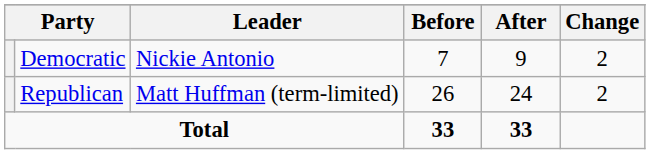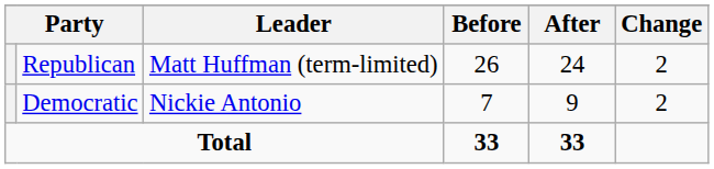 <table class="wikitable" style="text-align:center;">
 <tr>
 </tr>
 <tr>
 <th colspan="2">Party</th>
 <th>Leader</th>
 <th style="width:3em">Before</th>
 <th style="width:3em">After</th>
 <th style="width:3em">Change</th>
 </tr>
 <tr>
 <th style="background-color:"></th>
+<td style="text-align:left;"><a href='#'>Republican</a></td>
+<td style="text-align:left;"><a href='#'>Matt Huffman</a> (term-limited)</td>
+<td>26</td>
+<td>24</td>
+<td> 2</td>
+</tr>
+<tr>
+<th style="background-color:"></th>
 <td style="text-align:left;"><a href='#'>Democratic</a></td>
 <td style="text-align:left;"><a href='#'>Nickie Antonio</a></td>
 <td>7</td>
 <td>9</td>
-<td> 2</td>
-</tr>
-<tr>
-<th style="background-color:"></th>
-<td style="text-align:left;"><a href='#'>Republican</a></td>
-<td style="text-align:left;"><a href='#'>Matt Huffman</a> (term-limited)</td>
-<td>26</td>
-<td>24</td>
 <td> 2</td>
 </tr>
 <tr>
 <td colspan="3"><strong>Total</strong></td>
 <td><strong>33</strong></td>
 <td><strong>33</strong></td>
 <td></td>
 </tr>
 </table>
